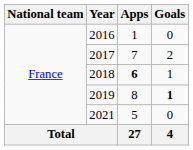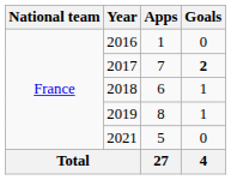 <table class=wikitable style=text-align:center>
 <tr>
 <th>National team</th>
 <th>Year</th>
 <th>Apps</th>
 <th>Goals</th>
 </tr>
 <tr>
 <td rowspan=5><a href='#'>France</a></td>
 <td>2016</td>
 <td>1</td>
 <td>0</td>
 </tr>
 <tr>
 <td>2017</td>
 <td>7</td>
-<td>2</td>
+<td><strong>2</strong></td>
 </tr>
 <tr>
 <td>2018</td>
-<td><strong>6</strong></td>
+<td>6</td>
 <td>1</td>
 </tr>
 <tr>
 <td>2019</td>
 <td>8</td>
-<td><strong>1</strong></td>
+<td>1</td>
 </tr>
 <tr>
 <td>2021</td>
 <td>5</td>
 <td>0</td>
 </tr>
 <tr>
 <th colspan=2>Total</th>
 <th>27</th>
 <th>4</th>
 </tr>
 </table>
